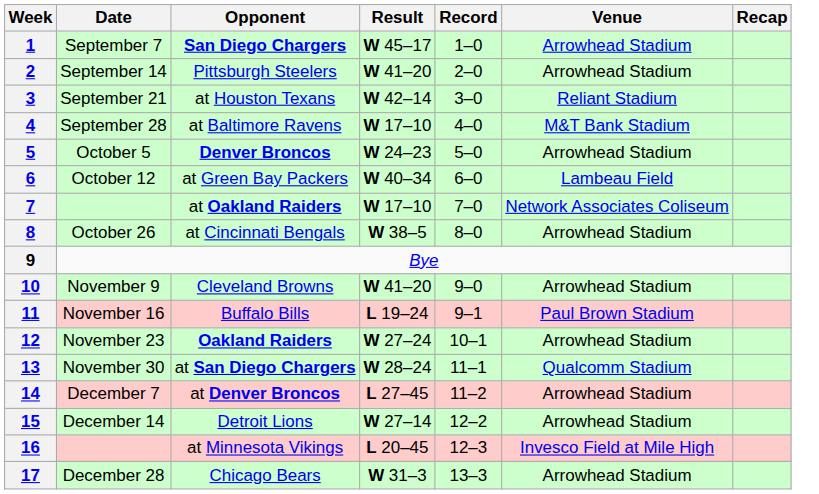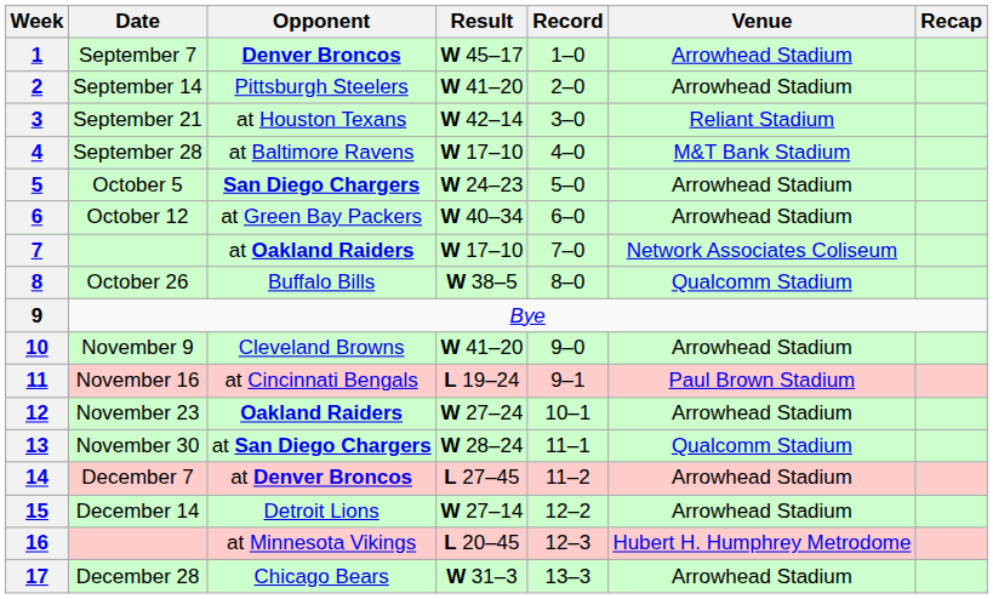 <table class="wikitable" style="text-align:center">
 <tr>
 <th>Week</th>
 <th>Date</th>
 <th>Opponent</th>
 <th>Result</th>
 <th>Record</th>
 <th>Venue</th>
 <th>Recap</th>
 </tr>
 <tr style="background:#cfc">
 <th><a href='#'>1</a></th>
 <td>September 7</td>
-<td><strong><a href='#'>San Diego Chargers</a></strong></td>
+<td><strong><a href='#'>Denver Broncos</a></strong></td>
 <td><strong>W</strong> 45–17</td>
 <td>1–0</td>
 <td><a href='#'>Arrowhead Stadium</a></td>
 <td></td>
 </tr>
 <tr style="background:#cfc">
 <th><a href='#'>2</a></th>
 <td>September 14</td>
 <td><a href='#'>Pittsburgh Steelers</a></td>
 <td><strong>W</strong> 41–20</td>
 <td>2–0</td>
 <td>Arrowhead Stadium</td>
 <td></td>
 </tr>
 <tr style="background:#cfc">
 <th><a href='#'>3</a></th>
 <td>September 21</td>
 <td>at <a href='#'>Houston Texans</a></td>
 <td><strong>W</strong> 42–14</td>
 <td>3–0</td>
 <td><a href='#'>Reliant Stadium</a></td>
 <td></td>
 </tr>
 <tr style="background:#cfc">
 <th><a href='#'>4</a></th>
 <td>September 28</td>
 <td>at <a href='#'>Baltimore Ravens</a></td>
 <td><strong>W</strong> 17–10</td>
 <td>4–0</td>
 <td><a href='#'>M&T Bank Stadium</a></td>
 <td></td>
 </tr>
 <tr style="background:#cfc">
 <th><a href='#'>5</a></th>
 <td>October 5</td>
-<td><strong><a href='#'>Denver Broncos</a></strong></td>
+<td><strong><a href='#'>San Diego Chargers</a></strong></td>
 <td><strong>W</strong> 24–23</td>
 <td>5–0</td>
 <td>Arrowhead Stadium</td>
 <td></td>
 </tr>
 <tr style="background:#cfc">
 <th><a href='#'>6</a></th>
 <td>October 12</td>
 <td>at <a href='#'>Green Bay Packers</a></td>
 <td><strong>W</strong> 40–34 </td>
 <td>6–0</td>
-<td><a href='#'>Lambeau Field</a></td>
+<td>Arrowhead Stadium</td>
 <td></td>
 </tr>
 <tr style="background:#cfc">
 <th><a href='#'>7</a></th>
 <td></td>
 <td>at <strong><a href='#'>Oakland Raiders</a></strong></td>
 <td><strong>W</strong> 17–10</td>
 <td>7–0</td>
 <td><a href='#'>Network Associates Coliseum</a></td>
 <td></td>
 </tr>
 <tr style="background:#cfc">
 <th><a href='#'>8</a></th>
 <td>October 26</td>
-<td>at <a href='#'>Cincinnati Bengals</a></td>
+<td><a href='#'>Buffalo Bills</a></td>
 <td><strong>W</strong> 38–5</td>
 <td>8–0</td>
-<td>Arrowhead Stadium</td>
+<td><a href='#'>Qualcomm Stadium</a></td>
 <td></td>
 </tr>
 <tr>
 <th>9</th>
 <td colspan="6"><em><a href='#'>Bye</a></em></td>
 </tr>
 <tr style="background:#cfc">
 <th><a href='#'>10</a></th>
 <td>November 9</td>
 <td><a href='#'>Cleveland Browns</a></td>
 <td><strong>W</strong> 41–20</td>
 <td>9–0</td>
 <td>Arrowhead Stadium</td>
 <td></td>
 </tr>
 <tr style="background:#fcc">
 <th><a href='#'>11</a></th>
 <td>November 16</td>
-<td><a href='#'>Buffalo Bills</a></td>
+<td>at <a href='#'>Cincinnati Bengals</a></td>
 <td><strong>L</strong> 19–24</td>
 <td>9–1</td>
 <td><a href='#'>Paul Brown Stadium</a></td>
 <td></td>
 </tr>
 <tr style="background:#cfc">
 <th><a href='#'>12</a></th>
 <td>November 23</td>
 <td><strong><a href='#'>Oakland Raiders</a></strong></td>
 <td><strong>W</strong> 27–24</td>
 <td>10–1</td>
 <td>Arrowhead Stadium</td>
 <td></td>
 </tr>
 <tr style="background:#cfc">
 <th><a href='#'>13</a></th>
 <td>November 30</td>
 <td>at <strong><a href='#'>San Diego Chargers</a></strong></td>
 <td><strong>W</strong> 28–24</td>
 <td>11–1</td>
 <td><a href='#'>Qualcomm Stadium</a></td>
 <td></td>
 </tr>
 <tr style="background:#fcc">
 <th><a href='#'>14</a></th>
 <td>December 7</td>
 <td>at <strong><a href='#'>Denver Broncos</a></strong></td>
 <td><strong>L</strong> 27–45</td>
 <td>11–2</td>
 <td>Arrowhead Stadium</td>
 <td></td>
 </tr>
 <tr style="background:#cfc">
 <th><a href='#'>15</a></th>
 <td>December 14</td>
 <td><a href='#'>Detroit Lions</a></td>
 <td><strong>W</strong> 27–14</td>
 <td>12–2</td>
 <td>Arrowhead Stadium</td>
 <td></td>
 </tr>
 <tr style="background:#fcc">
 <th><a href='#'>16</a></th>
 <td></td>
 <td>at <a href='#'>Minnesota Vikings</a></td>
 <td><strong>L</strong> 20–45</td>
 <td>12–3</td>
-<td><a href='#'>Invesco Field at Mile High</a></td>
+<td><a href='#'>Hubert H. Humphrey Metrodome</a></td>
 <td></td>
 </tr>
 <tr style="background:#cfc">
 <th><a href='#'>17</a></th>
 <td>December 28</td>
 <td><a href='#'>Chicago Bears</a></td>
 <td><strong>W</strong> 31–3</td>
 <td>13–3</td>
 <td>Arrowhead Stadium</td>
 <td></td>
 </tr>
 </table>
